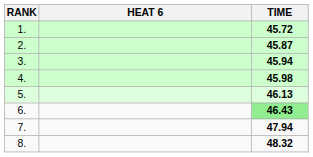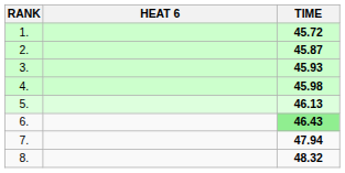 <table class="wikitable" style="border-collapse: collapse; font-size: 90%;">
 <tr>
 <th>RANK</th>
 <th style="width: 20em">HEAT 6</th>
 <th style="width: 5em">TIME</th>
 </tr>
 <tr style="background:#ccffcc;">
 <td align="center">1.</td>
 <td></td>
 <td align="center"><strong>45.72</strong></td>
 </tr>
 <tr style="background:#ccffcc;">
 <td align="center">2.</td>
 <td></td>
 <td align="center"><strong>45.87</strong></td>
 </tr>
 <tr style="background:#ccffcc;">
 <td align="center">3.</td>
 <td></td>
-<td align="center"><strong>45.94</strong></td>
+<td align="center"><strong>45.93</strong></td>
 </tr>
 <tr style="background:#ccffcc;">
 <td align="center">4.</td>
 <td></td>
 <td align="center"><strong>45.98</strong></td>
 </tr>
 <tr style="background:#ddffdd;">
 <td align="center">5.</td>
 <td></td>
 <td align="center"><strong>46.13</strong></td>
 </tr>
 <tr>
 <td align="center">6.</td>
 <td></td>
 <td align="center" style="background: lightgreen;"><strong>46.43</strong></td>
 </tr>
 <tr>
 <td align="center">7.</td>
 <td></td>
 <td align="center"><strong>47.94</strong></td>
 </tr>
 <tr>
 <td align="center">8.</td>
 <td></td>
 <td align="center"><strong>48.32</strong></td>
 </tr>
 </table>
